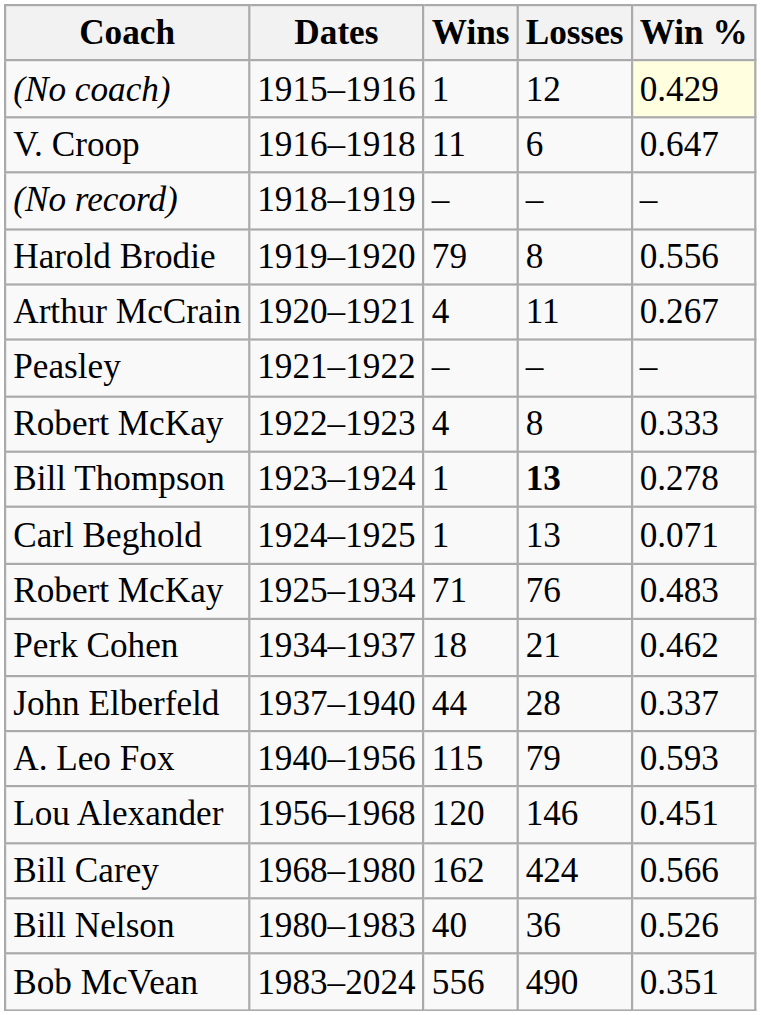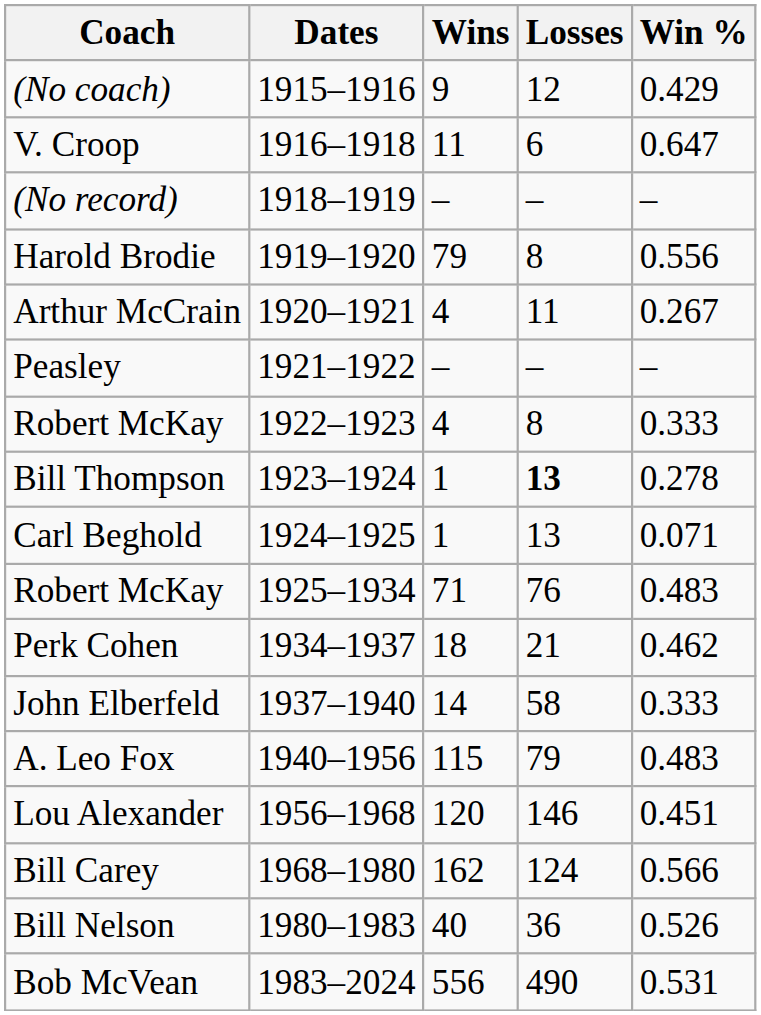 <table class="wikitable">
 <tr>
 <th width=px>Coach</th>
 <th width=px>Dates</th>
 <th width=px>Wins</th>
 <th width=px>Losses</th>
 <th width=px>Win %</th>
 </tr>
 <tr>
 <td><em>(No coach)</em></td>
 <td>1915–1916</td>
-<td>1</td>
+<td>9</td>
 <td>12</td>
-<td style="background: lightyellow;">0.429</td>
+<td>0.429</td>
 </tr>
 <tr>
 <td>V. Croop</td>
 <td>1916–1918</td>
 <td>11</td>
 <td>6</td>
 <td>0.647</td>
 </tr>
 <tr>
 <td><em>(No record)</em></td>
 <td>1918–1919</td>
 <td>–</td>
 <td>–</td>
 <td>–</td>
 </tr>
 <tr>
 <td>Harold Brodie</td>
 <td>1919–1920</td>
 <td>79</td>
 <td>8</td>
 <td>0.556</td>
 </tr>
 <tr>
 <td>Arthur McCrain</td>
 <td>1920–1921</td>
 <td>4</td>
 <td>11</td>
 <td>0.267</td>
 </tr>
 <tr>
 <td>Peasley</td>
 <td>1921–1922</td>
 <td>–</td>
 <td>–</td>
 <td>–</td>
 </tr>
 <tr>
 <td>Robert McKay</td>
 <td>1922–1923</td>
 <td>4</td>
 <td>8</td>
 <td>0.333</td>
 </tr>
 <tr>
 <td>Bill Thompson</td>
 <td>1923–1924</td>
 <td>1</td>
 <td><strong>13</strong></td>
 <td>0.278</td>
 </tr>
 <tr>
 <td>Carl Beghold</td>
 <td>1924–1925</td>
 <td>1</td>
 <td>13</td>
 <td>0.071</td>
 </tr>
 <tr>
 <td>Robert McKay</td>
 <td>1925–1934</td>
 <td>71</td>
 <td>76</td>
 <td>0.483</td>
 </tr>
 <tr>
 <td>Perk Cohen</td>
 <td>1934–1937</td>
 <td>18</td>
 <td>21</td>
 <td>0.462</td>
 </tr>
 <tr>
 <td>John Elberfeld</td>
 <td>1937–1940</td>
-<td>44</td>
-<td>28</td>
-<td>0.337</td>
+<td>14</td>
+<td>58</td>
+<td>0.333</td>
 </tr>
 <tr>
 <td>A. Leo Fox</td>
 <td>1940–1956</td>
 <td>115</td>
 <td>79</td>
-<td>0.593</td>
+<td>0.483</td>
 </tr>
 <tr>
 <td>Lou Alexander</td>
 <td>1956–1968</td>
 <td>120</td>
 <td>146</td>
 <td>0.451</td>
 </tr>
 <tr>
 <td>Bill Carey</td>
 <td>1968–1980</td>
 <td>162</td>
-<td>424</td>
+<td>124</td>
 <td>0.566</td>
 </tr>
 <tr>
 <td>Bill Nelson</td>
 <td>1980–1983</td>
 <td>40</td>
 <td>36</td>
 <td>0.526</td>
 </tr>
 <tr>
 <td>Bob McVean</td>
 <td>1983–2024</td>
 <td>556</td>
 <td>490</td>
-<td>0.351</td>
+<td>0.531</td>
 </tr>
 </table>
